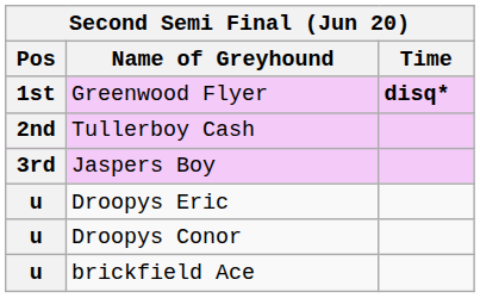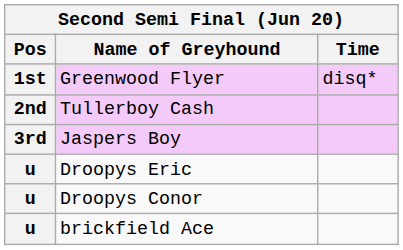 <table class="wikitable">
 <tr>
 <th colspan="6">Second Semi Final (Jun 20)</th>
 </tr>
 <tr>
 <th width=30>Pos</th>
 <th width=180>Name of Greyhound</th>
 <th width=50>Time</th>
 </tr>
 <tr style="background: #f4caf9;">
 <th>1st</th>
 <td>Greenwood Flyer</td>
-<td><strong>disq*</strong></td>
+<td>disq*</td>
 </tr>
 <tr style="background: #f4caf9;">
 <th>2nd</th>
 <td>Tullerboy Cash</td>
 <td></td>
 </tr>
 <tr style="background: #f4caf9;">
 <th>3rd</th>
 <td>Jaspers Boy</td>
 <td></td>
 </tr>
 <tr>
 <th>u</th>
 <td>Droopys Eric</td>
 <td></td>
 </tr>
 <tr>
 <th>u</th>
 <td>Droopys Conor</td>
 <td></td>
 </tr>
 <tr>
 <th>u</th>
 <td>brickfield Ace</td>
 <td></td>
 </tr>
 </table>
